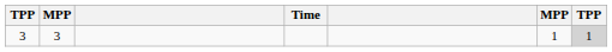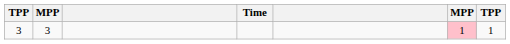 <table class="wikitable" style="text-align: center;" |>
 <tr>
 <th width="35">TPP</th>
 <th width="35">MPP</th>
 <th width="250"></th>
 <th width="45">Time</th>
 <th width="250"></th>
 <th width="35">MPP</th>
 <th width="35">TPP</th>
 </tr>
 <tr>
 <td>3</td>
 <td>3</td>
 <td style="text-align:left;"></td>
 <td></td>
 <td style="text-align:left;"><strong></strong></td>
+<td style="background: pink;">1</td>
 <td>1</td>
-<td style="background: lightgrey;">1</td>
 </tr>
 </table>
